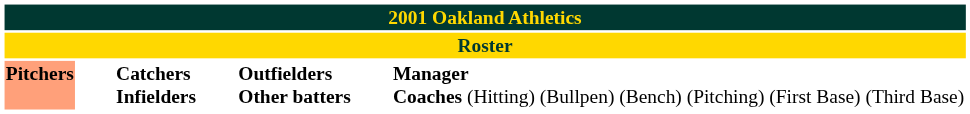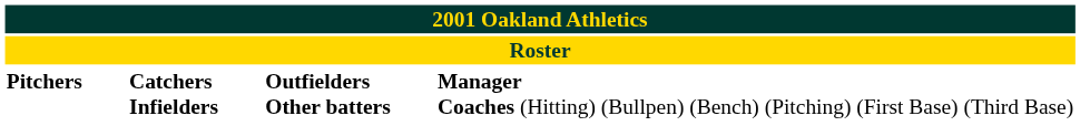 <table class="toccolours" style="font-size: 95%;">
 <tr>
 <th colspan="10" style="background-color: #003831; color: #FFD800; text-align: center;">2001 Oakland Athletics</th>
 </tr>
 <tr>
 <td colspan="10" style="background-color: #FFD800; color: #003831; text-align: center;"><strong>Roster</strong></td>
 </tr>
 <tr>
-<td valign="top" style="background: lightsalmon;"><strong>Pitchers</strong><br>               </td>
+<td valign="top"><strong>Pitchers</strong><br>               </td>
 <td width="25px"></td>
 <td valign="top"><strong>Catchers</strong><br>    <strong>Infielders</strong>         </td>
 <td width="25px"></td>
 <td valign="top"><strong>Outfielders</strong><br>            <strong>Other batters</strong> </td>
 <td width="25px"></td>
 <td valign="top"><strong>Manager</strong><br> <strong>Coaches</strong>  (Hitting)  (Bullpen)  (Bench)  (Pitching)  (First Base)  (Third Base)</td>
 </tr>
 </table>
